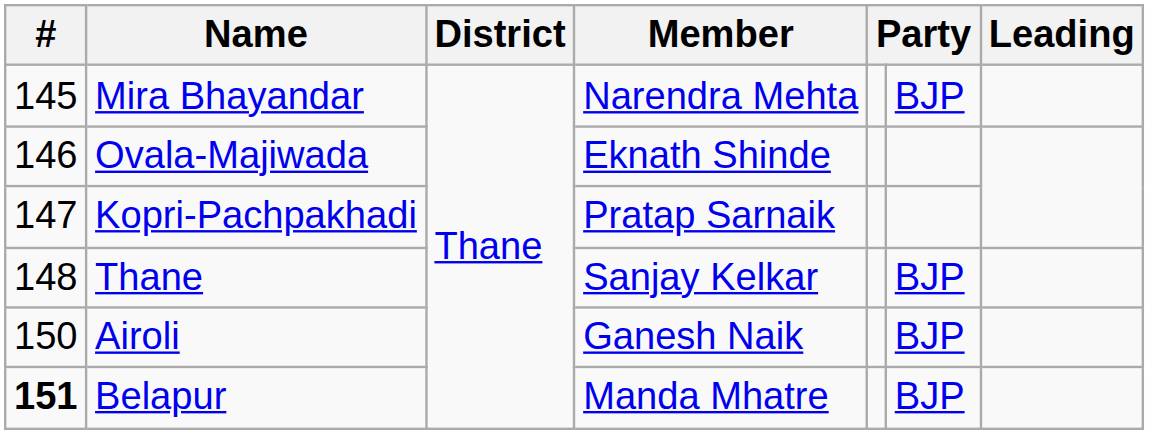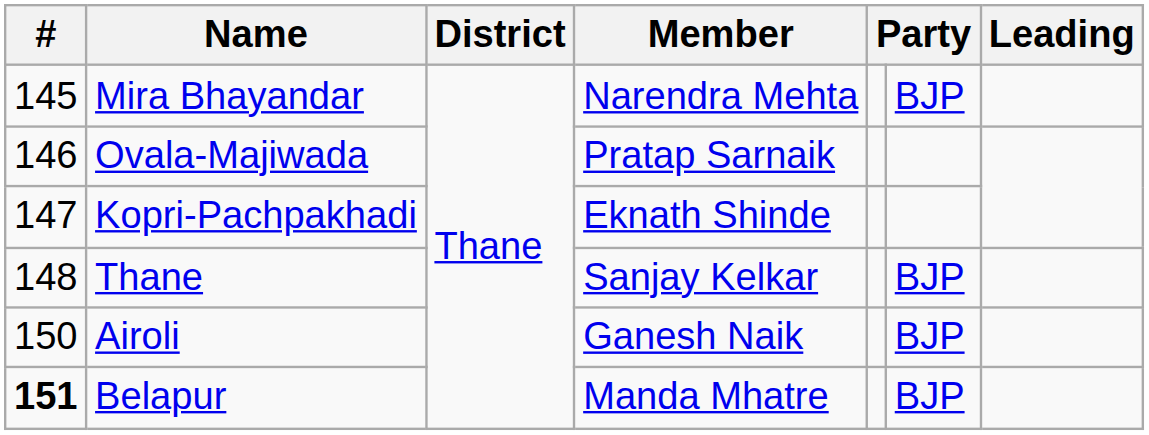 <table class="wikitable">
 <tr>
 <th>#</th>
 <th>Name</th>
 <th>District</th>
 <th>Member</th>
 <th colspan="2">Party</th>
 <th colspan=2>Leading<br></th>
 </tr>
 <tr>
 <td>145</td>
 <td><a href='#'>Mira Bhayandar</a></td>
 <td rowspan="6"><a href='#'>Thane</a></td>
 <td><a href='#'>Narendra Mehta</a></td>
 <td style="background-color:"></td>
 <td><a href='#'>BJP</a></td>
 <td></td>
 </tr>
 <tr>
 <td>146</td>
 <td><a href='#'>Ovala-Majiwada</a></td>
-<td><a href='#'>Eknath Shinde</a></td>
+<td><a href='#'>Pratap Sarnaik</a></td>
 <td></td>
 <td></td>
 </tr>
 <tr>
 <td>147</td>
 <td><a href='#'>Kopri-Pachpakhadi</a></td>
-<td><a href='#'>Pratap Sarnaik</a></td>
+<td><a href='#'>Eknath Shinde</a></td>
 <td></td>
 <td></td>
 </tr>
 <tr>
 <td>148</td>
 <td><a href='#'>Thane</a></td>
 <td><a href='#'>Sanjay Kelkar</a></td>
 <td></td>
 <td><a href='#'>BJP</a></td>
 <td></td>
 </tr>
 <tr>
 <td>150</td>
 <td><a href='#'>Airoli</a></td>
 <td><a href='#'>Ganesh Naik</a></td>
 <td></td>
 <td><a href='#'>BJP</a></td>
 <td></td>
 </tr>
 <tr>
 <td><strong>151</strong></td>
 <td><a href='#'>Belapur</a></td>
 <td><a href='#'>Manda Mhatre</a></td>
 <td></td>
 <td><a href='#'>BJP</a></td>
 <td></td>
 </tr>
 </table>
